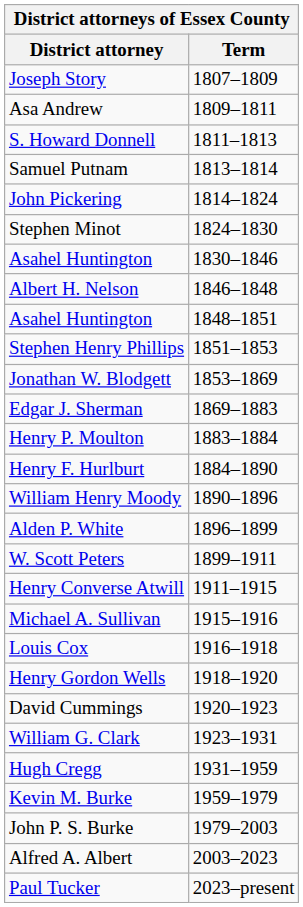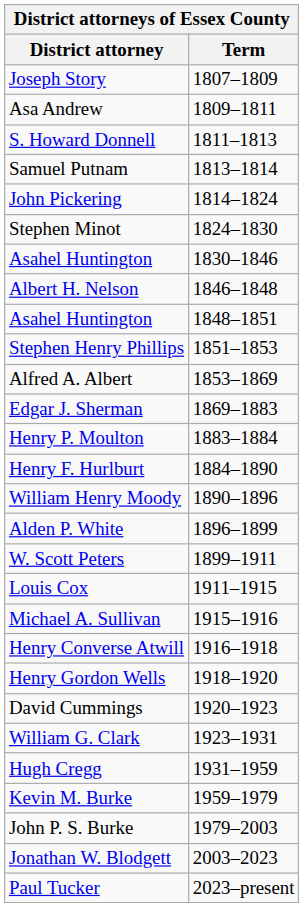 <table class="wikitable collapsible collapsed">
 <tr>
 <th colspan="2">District attorneys of Essex County</th>
 </tr>
 <tr>
 <th>District attorney</th>
 <th>Term</th>
 </tr>
 <tr>
 <td><a href='#'>Joseph Story</a></td>
 <td>1807–1809</td>
 </tr>
 <tr>
 <td>Asa Andrew</td>
 <td>1809–1811</td>
 </tr>
 <tr>
 <td><a href='#'>S. Howard Donnell</a></td>
 <td>1811–1813</td>
 </tr>
 <tr>
 <td>Samuel Putnam</td>
 <td>1813–1814</td>
 </tr>
 <tr>
 <td><a href='#'>John Pickering</a></td>
 <td>1814–1824</td>
 </tr>
 <tr>
 <td>Stephen Minot</td>
 <td>1824–1830</td>
 </tr>
 <tr>
 <td><a href='#'>Asahel Huntington</a></td>
 <td>1830–1846</td>
 </tr>
 <tr>
 <td><a href='#'>Albert H. Nelson</a></td>
 <td>1846–1848</td>
 </tr>
 <tr>
 <td><a href='#'>Asahel Huntington</a></td>
 <td>1848–1851</td>
 </tr>
 <tr>
 <td><a href='#'>Stephen Henry Phillips</a></td>
 <td>1851–1853</td>
 </tr>
 <tr>
-<td><a href='#'>Jonathan W. Blodgett</a></td>
+<td>Alfred A. Albert</td>
 <td>1853–1869</td>
 </tr>
 <tr>
 <td><a href='#'>Edgar J. Sherman</a></td>
 <td>1869–1883</td>
 </tr>
 <tr>
 <td><a href='#'>Henry P. Moulton</a></td>
 <td>1883–1884</td>
 </tr>
 <tr>
 <td><a href='#'>Henry F. Hurlburt</a></td>
 <td>1884–1890</td>
 </tr>
 <tr>
 <td><a href='#'>William Henry Moody</a></td>
 <td>1890–1896</td>
 </tr>
 <tr>
 <td><a href='#'>Alden P. White</a></td>
 <td>1896–1899</td>
 </tr>
 <tr>
 <td><a href='#'>W. Scott Peters</a></td>
 <td>1899–1911</td>
 </tr>
 <tr>
-<td><a href='#'>Henry Converse Atwill</a></td>
+<td><a href='#'>Louis Cox</a></td>
 <td>1911–1915</td>
 </tr>
 <tr>
 <td><a href='#'>Michael A. Sullivan</a></td>
 <td>1915–1916</td>
 </tr>
 <tr>
-<td><a href='#'>Louis Cox</a></td>
+<td><a href='#'>Henry Converse Atwill</a></td>
 <td>1916–1918</td>
 </tr>
 <tr>
 <td><a href='#'>Henry Gordon Wells</a></td>
 <td>1918–1920</td>
 </tr>
 <tr>
 <td>David Cummings</td>
 <td>1920–1923</td>
 </tr>
 <tr>
 <td><a href='#'>William G. Clark</a></td>
 <td>1923–1931</td>
 </tr>
 <tr>
 <td><a href='#'>Hugh Cregg</a></td>
 <td>1931–1959</td>
 </tr>
 <tr>
 <td><a href='#'>Kevin M. Burke</a></td>
 <td>1959–1979</td>
 </tr>
 <tr>
 <td>John P. S. Burke</td>
 <td>1979–2003</td>
 </tr>
 <tr>
-<td>Alfred A. Albert</td>
+<td><a href='#'>Jonathan W. Blodgett</a></td>
 <td>2003–2023</td>
 </tr>
 <tr>
 <td><a href='#'>Paul Tucker</a></td>
 <td>2023–present</td>
 </tr>
 </table>
